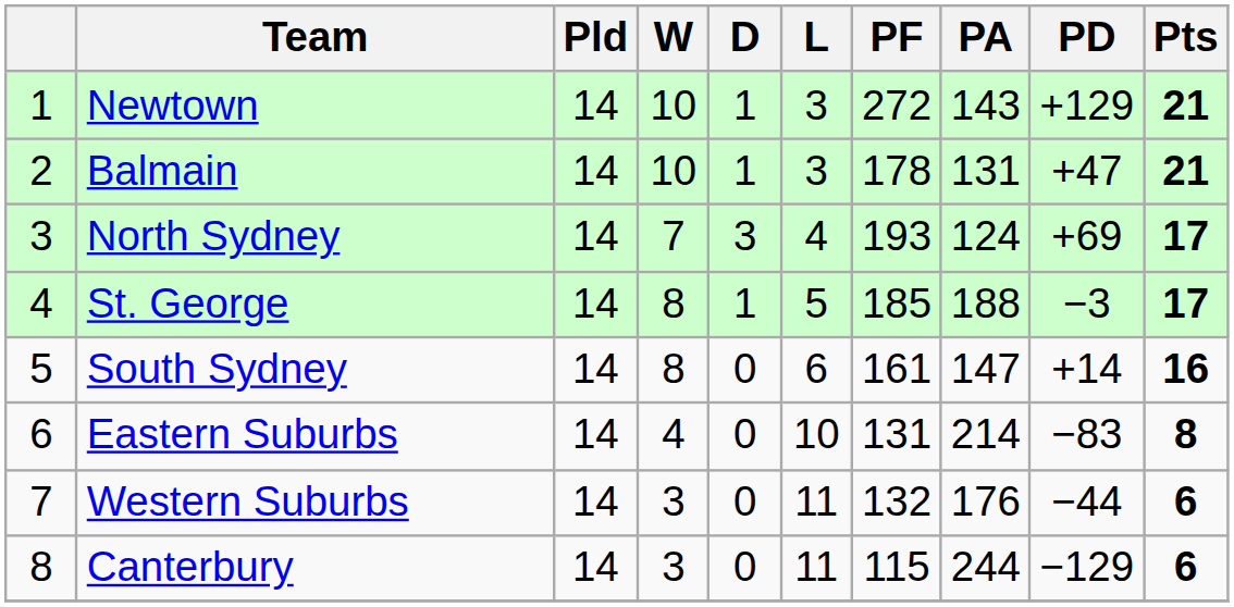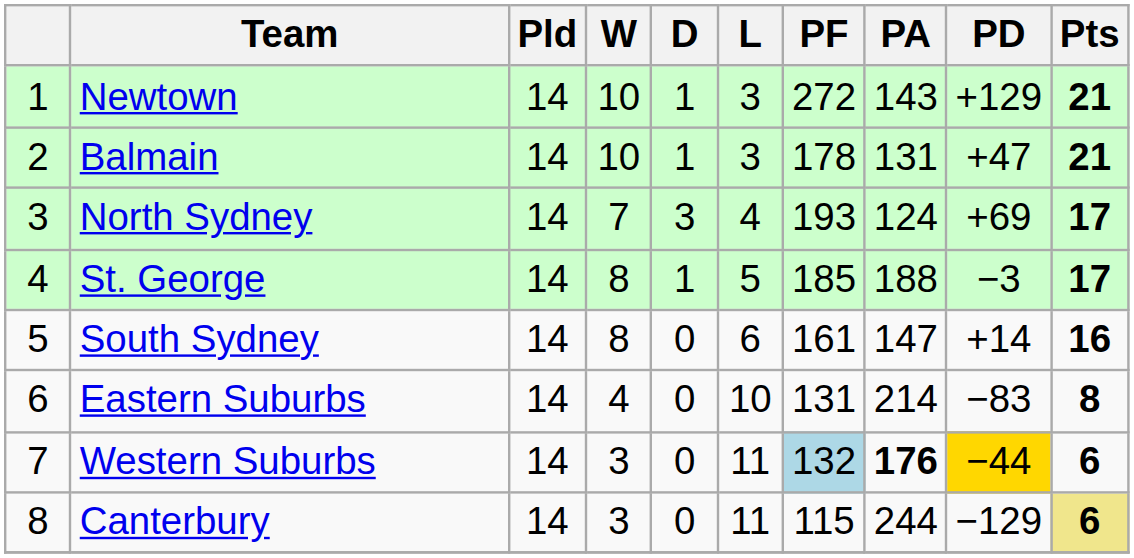 <table class="wikitable" style="text-align:center;">
 <tr>
 <th width=20 abbr="Position"></th>
 <th width=175>Team</th>
 <th width=20 abbr="Played">Pld</th>
 <th width=20 abbr="Won">W</th>
 <th width=20 abbr="Drawn">D</th>
 <th width=20 abbr="Lost">L</th>
 <th width=20 abbr="Points for">PF</th>
 <th width=20 abbr="Points against">PA</th>
 <th width=20 abbr="Points difference">PD</th>
 <th width=20 abbr="Points">Pts</th>
 </tr>
 <tr style="background: #ccffcc;">
 <td>1</td>
 <td style="text-align:left;"> <a href='#'>Newtown</a></td>
 <td>14</td>
 <td>10</td>
 <td>1</td>
 <td>3</td>
 <td>272</td>
 <td>143</td>
 <td>+129</td>
 <td><strong>21</strong></td>
 </tr>
 <tr style="background: #ccffcc;">
 <td>2</td>
 <td style="text-align:left;"> <a href='#'>Balmain</a></td>
 <td>14</td>
 <td>10</td>
 <td>1</td>
 <td>3</td>
 <td>178</td>
 <td>131</td>
 <td>+47</td>
 <td><strong>21</strong></td>
 </tr>
 <tr style="background: #ccffcc;">
 <td>3</td>
 <td style="text-align:left;"> <a href='#'>North Sydney</a></td>
 <td>14</td>
 <td>7</td>
 <td>3</td>
 <td>4</td>
 <td>193</td>
 <td>124</td>
 <td>+69</td>
 <td><strong>17</strong></td>
 </tr>
 <tr style="background: #ccffcc;">
 <td>4</td>
 <td style="text-align:left;"> <a href='#'>St. George</a></td>
 <td>14</td>
 <td>8</td>
 <td>1</td>
 <td>5</td>
 <td>185</td>
 <td>188</td>
 <td>−3</td>
 <td><strong>17</strong></td>
 </tr>
 <tr>
 <td>5</td>
 <td style="text-align:left;"> <a href='#'>South Sydney</a></td>
 <td>14</td>
 <td>8</td>
 <td>0</td>
 <td>6</td>
 <td>161</td>
 <td>147</td>
 <td>+14</td>
 <td><strong>16</strong></td>
 </tr>
 <tr>
 <td>6</td>
 <td style="text-align:left;"> <a href='#'>Eastern Suburbs</a></td>
 <td>14</td>
 <td>4</td>
 <td>0</td>
 <td>10</td>
 <td>131</td>
 <td>214</td>
 <td>−83</td>
 <td><strong>8</strong></td>
 </tr>
 <tr>
 <td>7</td>
 <td style="text-align:left;"> <a href='#'>Western Suburbs</a></td>
 <td>14</td>
 <td>3</td>
 <td>0</td>
 <td>11</td>
-<td>132</td>
-<td>176</td>
-<td>−44</td>
+<td style="background: lightblue;">132</td>
+<td><strong>176</strong></td>
+<td style="background: gold;">−44</td>
 <td><strong>6</strong></td>
 </tr>
 <tr>
 <td>8</td>
 <td style="text-align:left;"> <a href='#'>Canterbury</a></td>
 <td>14</td>
 <td>3</td>
 <td>0</td>
 <td>11</td>
 <td>115</td>
 <td>244</td>
 <td>−129</td>
-<td><strong>6</strong></td>
+<td style="background: khaki;"><strong>6</strong></td>
 </tr>
 <tr>
 </tr>
 </table>
